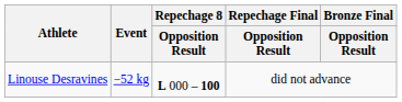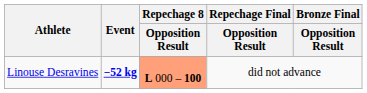 <table class="wikitable" style="font-size:90%">
 <tr>
 <th rowspan="2">Athlete</th>
 <th rowspan="2">Event</th>
 <th>Repechage 8</th>
 <th>Repechage Final</th>
 <th>Bronze Final</th>
 </tr>
 <tr>
 <th>Opposition<br>Result</th>
 <th>Opposition<br>Result</th>
 <th>Opposition<br>Result</th>
 </tr>
 <tr>
 <td><a href='#'>Linouse Desravines</a></td>
-<td><a href='#'>−52 kg</a></td>
-<td align=center><br><strong>L</strong> 000 – <strong>100</strong></td>
+<td><strong><a href='#'>−52 kg</a></strong></td>
+<td align=center style="background: lightsalmon;"><br><strong>L</strong> 000 – <strong>100</strong></td>
 <td align=center colspan="5">did not advance<br></td>
 </tr>
 </table>
